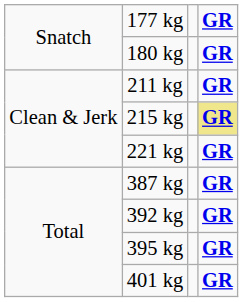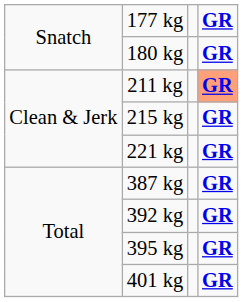 <table class = "wikitable" style="text-align:center;">
 <tr>
 <td rowspan=2>Snatch</td>
 <td>177 kg</td>
 <td align=left></td>
 <td><strong><a href='#'>GR</a></strong></td>
 </tr>
 <tr>
 <td>180 kg</td>
 <td align=left></td>
 <td><strong><a href='#'>GR</a></strong></td>
 </tr>
 <tr>
 <td rowspan=3>Clean & Jerk</td>
 <td>211 kg</td>
 <td align=left></td>
-<td><strong><a href='#'>GR</a></strong></td>
+<td style="background: lightsalmon;"><strong><a href='#'>GR</a></strong></td>
 </tr>
 <tr>
 <td>215 kg</td>
 <td align=left></td>
-<td style="background: khaki;"><strong><a href='#'>GR</a></strong></td>
+<td><strong><a href='#'>GR</a></strong></td>
 </tr>
 <tr>
 <td>221 kg</td>
 <td align=left></td>
 <td><strong><a href='#'>GR</a></strong></td>
 </tr>
 <tr>
 <td rowspan=4>Total</td>
 <td>387 kg</td>
 <td align=left></td>
 <td><strong><a href='#'>GR</a></strong></td>
 </tr>
 <tr>
 <td>392 kg</td>
 <td align=left></td>
 <td><strong><a href='#'>GR</a></strong></td>
 </tr>
 <tr>
 <td>395 kg</td>
 <td align=left></td>
 <td><strong><a href='#'>GR</a></strong></td>
 </tr>
 <tr>
 <td>401 kg</td>
 <td align=left></td>
 <td><strong><a href='#'>GR</a></strong></td>
 </tr>
 </table>
